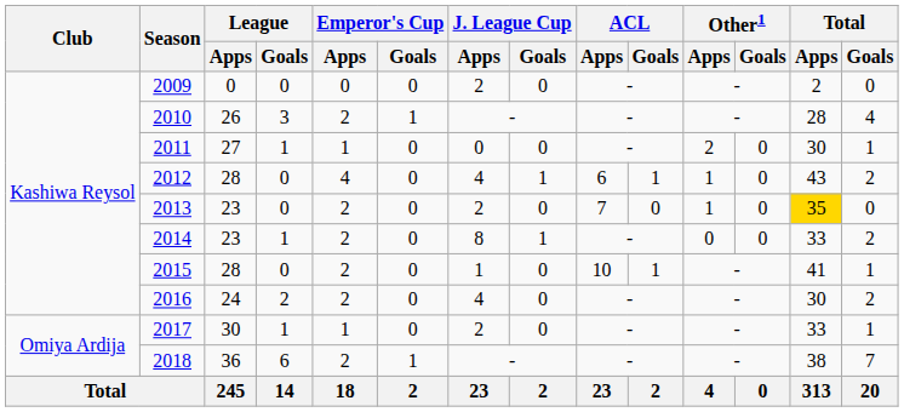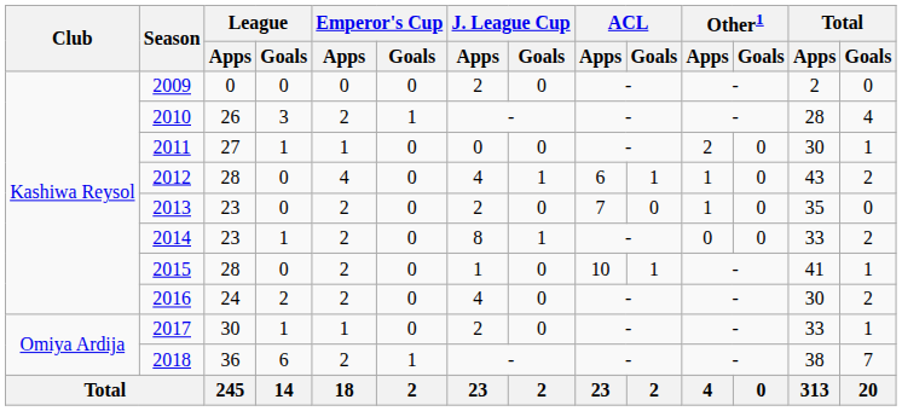 <table class="wikitable" style="text-align:center;">
 <tr>
 <th rowspan="2">Club</th>
 <th rowspan="2">Season</th>
 <th colspan="2">League</th>
 <th colspan="2"><a href='#'>Emperor's Cup</a></th>
 <th colspan="2"><a href='#'>J. League Cup</a></th>
 <th colspan="2"><a href='#'>ACL</a></th>
 <th colspan="2">Other<sup><a href='#'>1</a></sup></th>
 <th colspan="2">Total</th>
 </tr>
 <tr>
 <th>Apps</th>
 <th>Goals</th>
 <th>Apps</th>
 <th>Goals</th>
 <th>Apps</th>
 <th>Goals</th>
 <th>Apps</th>
 <th>Goals</th>
 <th>Apps</th>
 <th>Goals</th>
 <th>Apps</th>
 <th>Goals</th>
 </tr>
 <tr>
 <td rowspan="8"><a href='#'>Kashiwa Reysol</a></td>
 <td><a href='#'>2009</a></td>
 <td>0</td>
 <td>0</td>
 <td>0</td>
 <td>0</td>
 <td>2</td>
 <td>0</td>
 <td colspan="2">-</td>
 <td colspan="2">-</td>
 <td>2</td>
 <td>0</td>
 </tr>
 <tr>
 <td><a href='#'>2010</a></td>
 <td>26</td>
 <td>3</td>
 <td>2</td>
 <td>1</td>
 <td colspan="2">-</td>
 <td colspan="2">-</td>
 <td colspan="2">-</td>
 <td>28</td>
 <td>4</td>
 </tr>
 <tr>
 <td><a href='#'>2011</a></td>
 <td>27</td>
 <td>1</td>
 <td>1</td>
 <td>0</td>
 <td>0</td>
 <td>0</td>
 <td colspan="2">-</td>
 <td>2</td>
 <td>0</td>
 <td>30</td>
 <td>1</td>
 </tr>
 <tr>
 <td><a href='#'>2012</a></td>
 <td>28</td>
 <td>0</td>
 <td>4</td>
 <td>0</td>
 <td>4</td>
 <td>1</td>
 <td>6</td>
 <td>1</td>
 <td>1</td>
 <td>0</td>
 <td>43</td>
 <td>2</td>
 </tr>
 <tr>
 <td><a href='#'>2013</a></td>
 <td>23</td>
 <td>0</td>
 <td>2</td>
 <td>0</td>
 <td>2</td>
 <td>0</td>
 <td>7</td>
 <td>0</td>
 <td>1</td>
 <td>0</td>
-<td style="background: gold;">35</td>
+<td>35</td>
 <td>0</td>
 </tr>
 <tr>
 <td><a href='#'>2014</a></td>
 <td>23</td>
 <td>1</td>
 <td>2</td>
 <td>0</td>
 <td>8</td>
 <td>1</td>
 <td colspan="2">-</td>
 <td>0</td>
 <td>0</td>
 <td>33</td>
 <td>2</td>
 </tr>
 <tr>
 <td><a href='#'>2015</a></td>
 <td>28</td>
 <td>0</td>
 <td>2</td>
 <td>0</td>
 <td>1</td>
 <td>0</td>
 <td>10</td>
 <td>1</td>
 <td colspan="2">-</td>
 <td>41</td>
 <td>1</td>
 </tr>
 <tr>
 <td><a href='#'>2016</a></td>
 <td>24</td>
 <td>2</td>
 <td>2</td>
 <td>0</td>
 <td>4</td>
 <td>0</td>
 <td colspan="2">-</td>
 <td colspan="2">-</td>
 <td>30</td>
 <td>2</td>
 </tr>
 <tr>
 <td rowspan="2"><a href='#'>Omiya Ardija</a></td>
 <td><a href='#'>2017</a></td>
 <td>30</td>
 <td>1</td>
 <td>1</td>
 <td>0</td>
 <td>2</td>
 <td>0</td>
 <td colspan="2">-</td>
 <td colspan="2">-</td>
 <td>33</td>
 <td>1</td>
 </tr>
 <tr>
 <td><a href='#'>2018</a></td>
 <td>36</td>
 <td>6</td>
 <td>2</td>
 <td>1</td>
 <td colspan="2">-</td>
 <td colspan="2">-</td>
 <td colspan="2">-</td>
 <td>38</td>
 <td>7</td>
 </tr>
 <tr>
 <th colspan="2">Total</th>
 <th>245</th>
 <th>14</th>
 <th>18</th>
 <th>2</th>
 <th>23</th>
 <th>2</th>
 <th>23</th>
 <th>2</th>
 <th>4</th>
 <th>0</th>
 <th>313</th>
 <th>20</th>
 </tr>
 </table>
